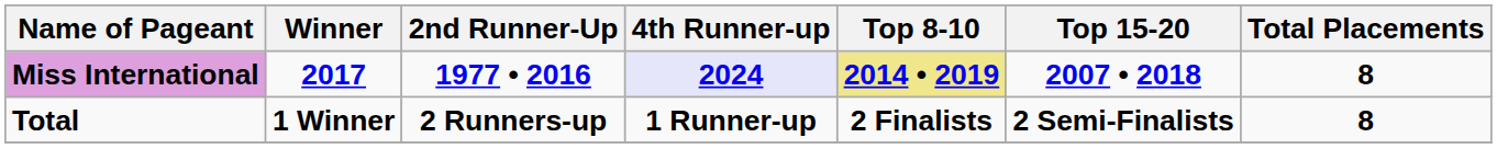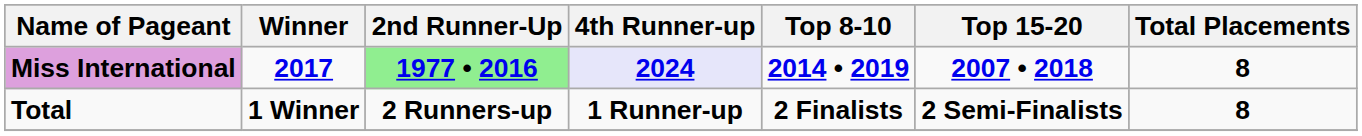 <table class="wikitable sortable" style="font-size:95%;">
 <tr>
 <th>Name of Pageant</th>
 <th>Winner</th>
 <th>2nd Runner-Up</th>
 <th>4th Runner-up</th>
 <th>Top 8-10</th>
 <th>Top 15-20</th>
 <th>Total Placements</th>
 </tr>
 <tr>
 <td bgcolor="#DDA0DD"><strong>Miss International</strong></td>
 <td align="center"><strong><a href='#'>2017</a></strong></td>
-<td align="center"><strong><a href='#'>1977</a> • <a href='#'>2016</a></strong></td>
+<td align="center" style="background: lightgreen;"><strong><a href='#'>1977</a> • <a href='#'>2016</a></strong></td>
 <td align="center" style="background: lavender;"><strong><a href='#'>2024</a></strong></td>
-<td align="center" style="background: khaki;"><strong><a href='#'>2014</a> • <a href='#'>2019</a></strong></td>
+<td align="center"><strong><a href='#'>2014</a> • <a href='#'>2019</a></strong></td>
 <td align="center"><strong><a href='#'>2007</a> • <a href='#'>2018</a></strong></td>
 <td align="center"><strong>8</strong></td>
 </tr>
 <tr>
 <td><strong>Total</strong></td>
 <td align="center"><strong>1 Winner</strong></td>
 <td align="center"><strong>2 Runners-up</strong></td>
 <td align="center"><strong>1 Runner-up</strong></td>
 <td align="center"><strong>2 Finalists</strong></td>
 <td align="center"><strong>2 Semi-Finalists</strong></td>
 <td align="center"><strong>8</strong></td>
 </tr>
 <tr>
 </tr>
 </table>
